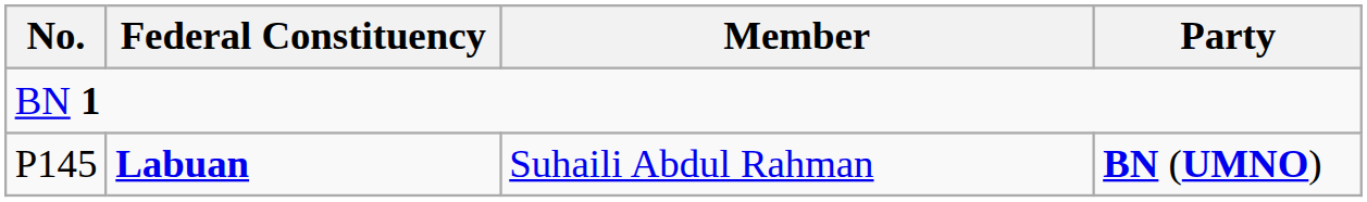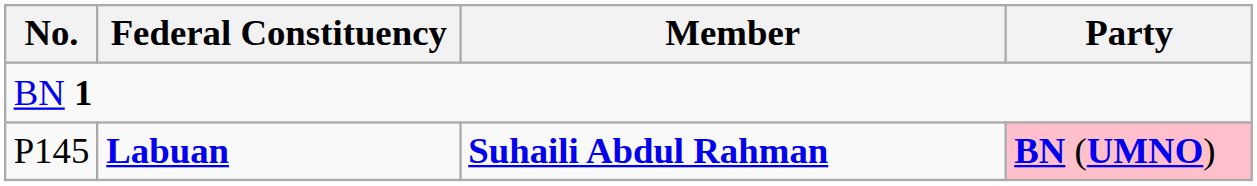 <table class="wikitable sortable">
 <tr>
 <th style="width:30px;">No.</th>
 <th style="width:150px;">Federal Constituency</th>
 <th style="width:230px;">Member</th>
 <th style="width:100px;">Party</th>
 </tr>
 <tr>
 <td colspan="4"><a href='#'>BN</a> <strong>1</strong></td>
 </tr>
 <tr>
 <td>P145</td>
 <td><strong><a href='#'>Labuan</a></strong></td>
-<td><a href='#'>Suhaili Abdul Rahman</a></td>
-<td><strong><a href='#'>BN</a></strong> (<strong><a href='#'>UMNO</a></strong>)</td>
+<td><strong><a href='#'>Suhaili Abdul Rahman</a></strong></td>
+<td style="background: pink;"><strong><a href='#'>BN</a></strong> (<strong><a href='#'>UMNO</a></strong>)</td>
 </tr>
 </table>
